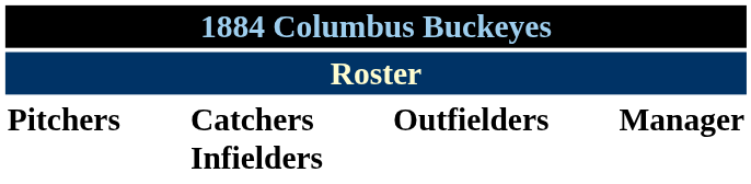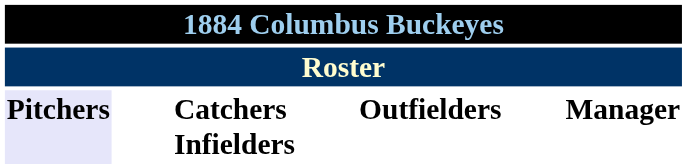 <table class="toccolours" style="font-size: 95%;">
 <tr>
 <th colspan="10" style="background-color: black; color: #9ECEEE; text-align: center;">1884 Columbus Buckeyes</th>
 </tr>
 <tr>
 <td colspan="10" style="background-color: #003366; color: #FFFDD0; text-align: center;"><strong>Roster</strong></td>
 </tr>
 <tr>
-<td valign="top"><strong>Pitchers</strong><br>   </td>
+<td valign="top" style="background: lavender;"><strong>Pitchers</strong><br>   </td>
 <td width="25px"></td>
 <td valign="top"><strong>Catchers</strong><br>  <strong>Infielders</strong>    </td>
 <td width="25px"></td>
 <td valign="top"><strong>Outfielders</strong><br>    </td>
 <td width="25px"></td>
 <td valign="top"><strong>Manager</strong><br></td>
 </tr>
 </table>
